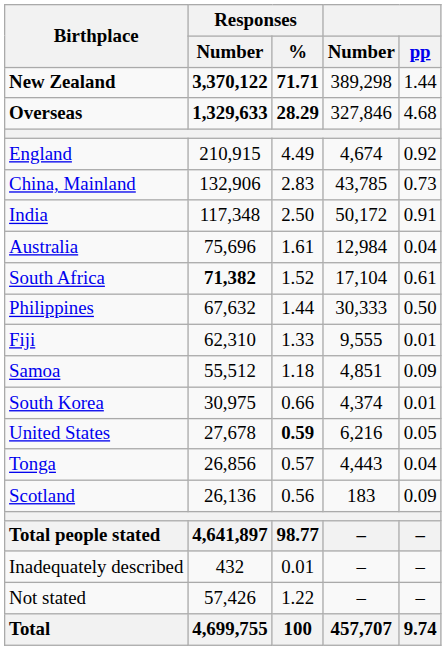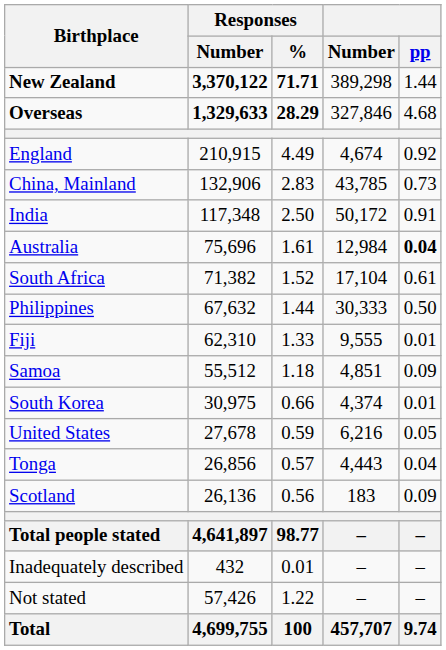 <table class="wikitable" style="text-align:center; font-size:90%;">
 <tr>
 <th rowspan=2>Birthplace</th>
 <th colspan=2>Responses</th>
 <th colspan=2></th>
 </tr>
 <tr>
 <th>Number</th>
 <th>%</th>
 <th>Number</th>
 <th><a href='#'>pp</a></th>
 </tr>
 <tr>
 <td style="text-align:left;"><strong>New Zealand</strong></td>
 <td><strong>3,370,122</strong></td>
 <td><strong>71.71</strong></td>
 <td><strong></strong> 389,298</td>
 <td><strong></strong> 1.44</td>
 </tr>
 <tr>
 <td style="text-align:left;"><strong>Overseas</strong></td>
 <td><strong>1,329,633</strong></td>
 <td><strong>28.29</strong></td>
 <td><strong></strong> 327,846</td>
 <td><strong></strong> 4.68</td>
 </tr>
 <tr>
 <th colspan=5></th>
 </tr>
 <tr>
 <td style="text-align:left;"><a href='#'>England</a></td>
 <td>210,915</td>
 <td>4.49</td>
 <td> 4,674</td>
 <td> 0.92</td>
 </tr>
 <tr>
 <td style="text-align:left;"><a href='#'>China, Mainland</a></td>
 <td>132,906</td>
 <td>2.83</td>
 <td> 43,785</td>
 <td> 0.73</td>
 </tr>
 <tr>
 <td style="text-align:left;"><a href='#'>India</a></td>
 <td>117,348</td>
 <td>2.50</td>
 <td> 50,172</td>
 <td> 0.91</td>
 </tr>
 <tr>
 <td style="text-align:left;"><a href='#'>Australia</a></td>
 <td>75,696</td>
 <td>1.61</td>
 <td> 12,984</td>
-<td> 0.04</td>
+<td><strong> 0.04</strong></td>
 </tr>
 <tr>
 <td style="text-align:left;"><a href='#'>South Africa</a></td>
-<td><strong>71,382</strong></td>
+<td>71,382</td>
 <td>1.52</td>
 <td> 17,104</td>
 <td> 0.61</td>
 </tr>
 <tr>
 <td style="text-align:left;"><a href='#'>Philippines</a></td>
 <td>67,632</td>
 <td>1.44</td>
 <td> 30,333</td>
 <td> 0.50</td>
 </tr>
 <tr>
 <td style="text-align:left;"><a href='#'>Fiji</a></td>
 <td>62,310</td>
 <td>1.33</td>
 <td> 9,555</td>
 <td> 0.01</td>
 </tr>
 <tr>
 <td style="text-align:left;"><a href='#'>Samoa</a></td>
 <td>55,512</td>
 <td>1.18</td>
 <td> 4,851</td>
 <td> 0.09</td>
 </tr>
 <tr>
 <td style="text-align:left;"><a href='#'>South Korea</a></td>
 <td>30,975</td>
 <td>0.66</td>
 <td> 4,374</td>
 <td> 0.01</td>
 </tr>
 <tr>
 <td style="text-align:left;"><a href='#'>United States</a></td>
 <td>27,678</td>
-<td><strong>0.59</strong></td>
+<td>0.59</td>
 <td> 6,216</td>
 <td> 0.05</td>
 </tr>
 <tr>
 <td style="text-align:left;"><a href='#'>Tonga</a></td>
 <td>26,856</td>
 <td>0.57</td>
 <td> 4,443</td>
 <td> 0.04</td>
 </tr>
 <tr>
 <td style="text-align:left;"><a href='#'>Scotland</a></td>
 <td>26,136</td>
 <td>0.56</td>
 <td> 183</td>
 <td> 0.09</td>
 </tr>
 <tr>
 <th colspan=5></th>
 </tr>
 <tr>
 <th style="text-align:left;">Total people stated</th>
 <th>4,641,897</th>
 <th>98.77</th>
 <th>–</th>
 <th>–</th>
 </tr>
 <tr>
 <td style="text-align:left;">Inadequately described</td>
 <td>432</td>
 <td>0.01</td>
 <td>–</td>
 <td>–</td>
 </tr>
 <tr>
 <td style="text-align:left;">Not stated</td>
 <td>57,426</td>
 <td>1.22</td>
 <td>–</td>
 <td>–</td>
 </tr>
 <tr>
 <th style="text-align:left;">Total</th>
 <th>4,699,755</th>
 <th>100</th>
 <th> 457,707</th>
 <th> 9.74</th>
 </tr>
 </table>
